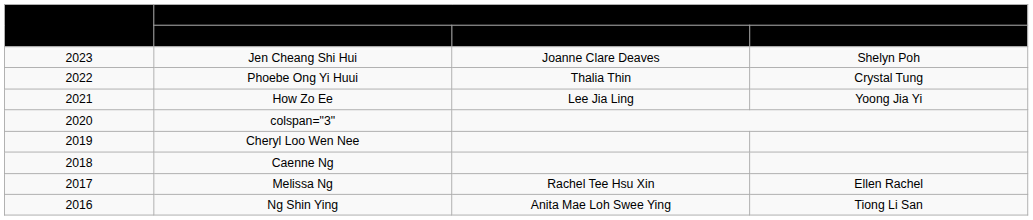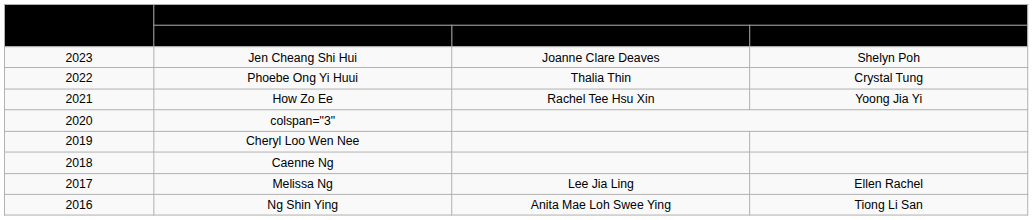 <table class="wikitable" style="text-align:center; font-size:85%; line-height:17px; width:90%;">
 <tr>
 <th rowspan="2" style="background:black; width:05%;" scope="col"><span>Year</span></th>
 <th colspan="3" style="background:black; width:05%;" scope="col"><span>Miss Malaysia Tourism Pageant Elemental Court Titlists</span></th>
 </tr>
 <tr>
 <th style="background:black; width:10%;" scope="col"><span>Miss Malaysia Tourism</span></th>
 <th style="background:black; width:10%;" scope="col"><span>Miss Malaysia Tourism Queen Of The Year</span></th>
 <th style="background:black; width:9.3%;" scope="col"><span>Miss Malaysia Tourism Metropolitan</span></th>
 </tr>
 <tr>
 <td>2023</td>
 <td>Jen Cheang Shi Hui</td>
 <td>Joanne Clare Deaves</td>
 <td>Shelyn Poh</td>
 </tr>
 <tr>
 <td>2022</td>
 <td>Phoebe Ong Yi Huui</td>
 <td>Thalia Thin</td>
 <td>Crystal Tung</td>
 </tr>
 <tr>
 <td>2021</td>
 <td>How Zo Ee</td>
-<td>Lee Jia Ling</td>
+<td>Rachel Tee Hsu Xin</td>
 <td>Yoong Jia Yi</td>
 </tr>
 <tr>
 <td>2020</td>
 <td>colspan="3" </td>
 </tr>
 <tr>
 <td>2019</td>
 <td>Cheryl Loo Wen Nee</td>
 <td></td>
 <td></td>
 </tr>
 <tr>
 <td>2018</td>
 <td>Caenne Ng</td>
 <td></td>
 <td></td>
 </tr>
 <tr>
 <td>2017</td>
 <td>Melissa Ng</td>
-<td>Rachel Tee Hsu Xin</td>
+<td>Lee Jia Ling</td>
 <td>Ellen Rachel</td>
 </tr>
 <tr>
 <td>2016</td>
 <td>Ng Shin Ying</td>
 <td>Anita Mae Loh Swee Ying</td>
 <td>Tiong Li San</td>
 </tr>
 </table>
